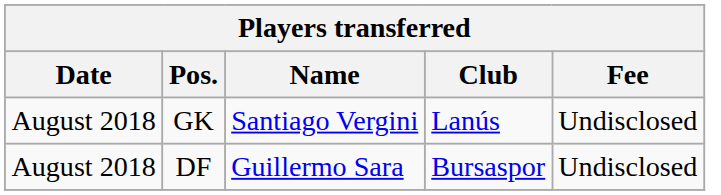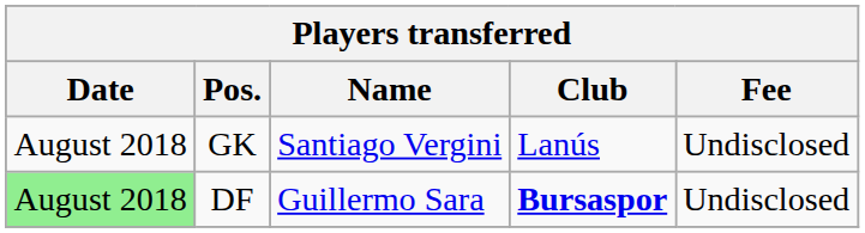 <table class="wikitable" style="font-size:95%;">
 <tr>
 <th colspan="5">Players transferred</th>
 </tr>
 <tr>
 <th>Date</th>
 <th>Pos.</th>
 <th>Name</th>
 <th>Club</th>
 <th>Fee</th>
 </tr>
 <tr>
 <td>August 2018</td>
 <td align="center">GK</td>
 <td> <a href='#'>Santiago Vergini</a></td>
 <td> <a href='#'>Lanús</a></td>
 <td>Undisclosed</td>
 </tr>
 <tr>
-<td>August 2018</td>
+<td style="background: lightgreen;">August 2018</td>
 <td align="center">DF</td>
 <td> <a href='#'>Guillermo Sara</a></td>
-<td> <a href='#'>Bursaspor</a></td>
+<td><strong> <a href='#'>Bursaspor</a></strong></td>
 <td>Undisclosed</td>
 </tr>
 </table>
